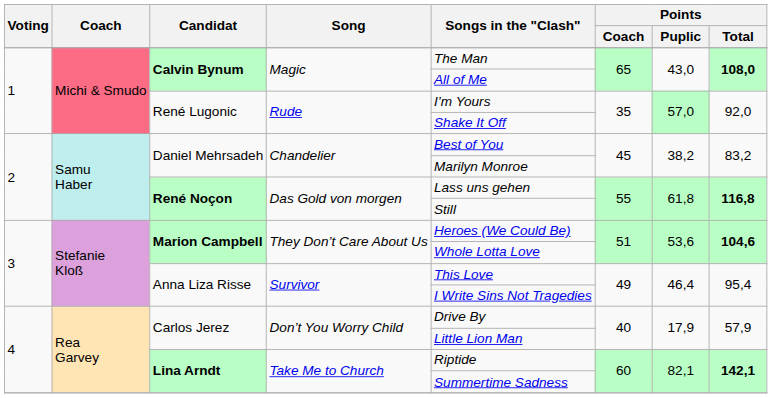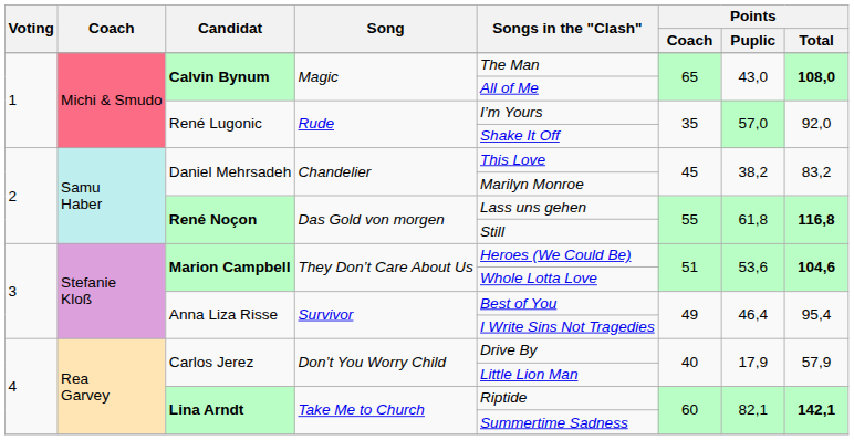 <table class="wikitable" style="width: auto;">
 <tr>
 <th rowspan="2">Voting</th>
 <th rowspan="2">Coach</th>
 <th rowspan="2">Candidat</th>
 <th rowspan="2">Song</th>
 <th rowspan="2">Songs in the "Clash"</th>
 <th colspan="3">Points</th>
 </tr>
 <tr>
 <th width="60">Coach</th>
 <th width="60">Puplic</th>
 <th width="60">Total</th>
 </tr>
 <tr>
 </tr>
 <tr>
 <td rowspan="4">1</td>
 <td rowspan="4" style="background:#FC6C85">Michi & Smudo</td>
 <td rowspan="2" style="background:#B9FFC5"><strong>Calvin Bynum</strong></td>
 <td rowspan="2"><em>Magic</em></td>
 <td><em>The Man</em></td>
 <td rowspan="2" align="center" style="background:#B9FFC5">65</td>
 <td rowspan="2" align="center">43,0</td>
 <td rowspan="2" align="center" style="background:#B9FFC5"><strong>108,0</strong></td>
 </tr>
 <tr>
 <td><em><a href='#'>All of Me</a></em></td>
 </tr>
 <tr>
 <td rowspan="2">René Lugonic</td>
 <td rowspan="2"><em><a href='#'>Rude</a></em></td>
 <td><em>I’m Yours</em></td>
 <td rowspan="2" align="center">35</td>
 <td rowspan="2" align="center" style="background:#B9FFC5">57,0</td>
 <td rowspan="2" align="center">92,0</td>
 </tr>
 <tr>
 <td><em><a href='#'>Shake It Off</a></em></td>
 </tr>
 <tr>
 <td rowspan="4">2</td>
 <td rowspan="4" style="background:#bfeeee">Samu<br> Haber</td>
 <td rowspan="2">Daniel Mehrsadeh</td>
 <td rowspan="2"><em>Chandelier</em></td>
-<td><em><a href='#'>Best of You</a></em></td>
+<td><em><a href='#'>This Love</a></em></td>
 <td rowspan="2" align="center">45</td>
 <td rowspan="2" align="center">38,2</td>
 <td rowspan="2" align="center">83,2</td>
 </tr>
 <tr>
 <td><em>Marilyn Monroe</em></td>
 </tr>
 <tr>
 <td rowspan="2" style="background:#B9FFC5"><strong>René Noçon</strong></td>
 <td rowspan="2"><em>Das Gold von morgen</em></td>
 <td><em>Lass uns gehen</em></td>
 <td rowspan="2" align="center" style="background:#B9FFC5">55</td>
 <td rowspan="2" align="center" style="background:#B9FFC5">61,8</td>
 <td rowspan="2" align="center" style="background:#B9FFC5"><strong>116,8</strong></td>
 </tr>
 <tr>
 <td><em>Still</em></td>
 </tr>
 <tr>
 <td rowspan="4">3</td>
 <td rowspan="4" style="background:#dca0dc">Stefanie<br> Kloß</td>
 <td rowspan="2" style="background:#B9FFC5"><strong>Marion Campbell</strong></td>
 <td rowspan="2"><em>They Don’t Care About Us</em></td>
 <td><em><a href='#'>Heroes (We Could Be)</a></em></td>
 <td rowspan="2" align="center" style="background:#B9FFC5">51</td>
 <td rowspan="2" align="center" style="background:#B9FFC5">53,6</td>
 <td rowspan="2" align="center" style="background:#B9FFC5"><strong>104,6</strong></td>
 </tr>
 <tr>
 <td><em><a href='#'>Whole Lotta Love</a></em></td>
 </tr>
 <tr>
 <td rowspan="2">Anna Liza Risse</td>
 <td rowspan="2"><em><a href='#'>Survivor</a></em></td>
-<td><em><a href='#'>This Love</a></em></td>
+<td><em><a href='#'>Best of You</a></em></td>
 <td rowspan="2" align="center">49</td>
 <td rowspan="2" align="center">46,4</td>
 <td rowspan="2" align="center">95,4</td>
 </tr>
 <tr>
 <td><em><a href='#'>I Write Sins Not Tragedies</a></em></td>
 </tr>
 <tr>
 <td rowspan="4">4</td>
 <td rowspan="4" style="background:#ffe5b4">Rea<br> Garvey</td>
 <td rowspan="2">Carlos Jerez</td>
 <td rowspan="2"><em>Don’t You Worry Child</em></td>
 <td><em>Drive By</em></td>
 <td rowspan="2" align="center">40</td>
 <td rowspan="2" align="center">17,9</td>
 <td rowspan="2" align="center">57,9</td>
 </tr>
 <tr>
 <td><em><a href='#'>Little Lion Man</a></em></td>
 </tr>
 <tr>
 <td rowspan="2" style="background:#B9FFC5"><strong>Lina Arndt</strong></td>
 <td rowspan="2"><em><a href='#'>Take Me to Church</a></em></td>
 <td><em>Riptide</em></td>
 <td rowspan="2" align="center" style="background:#B9FFC5">60</td>
 <td rowspan="2" align="center" style="background:#B9FFC5">82,1</td>
 <td rowspan="2" align="center" style="background:#B9FFC5"><strong>142,1</strong></td>
 </tr>
 <tr>
 <td><em><a href='#'>Summertime Sadness</a></em></td>
 </tr>
 <tr>
 </tr>
 </table>
